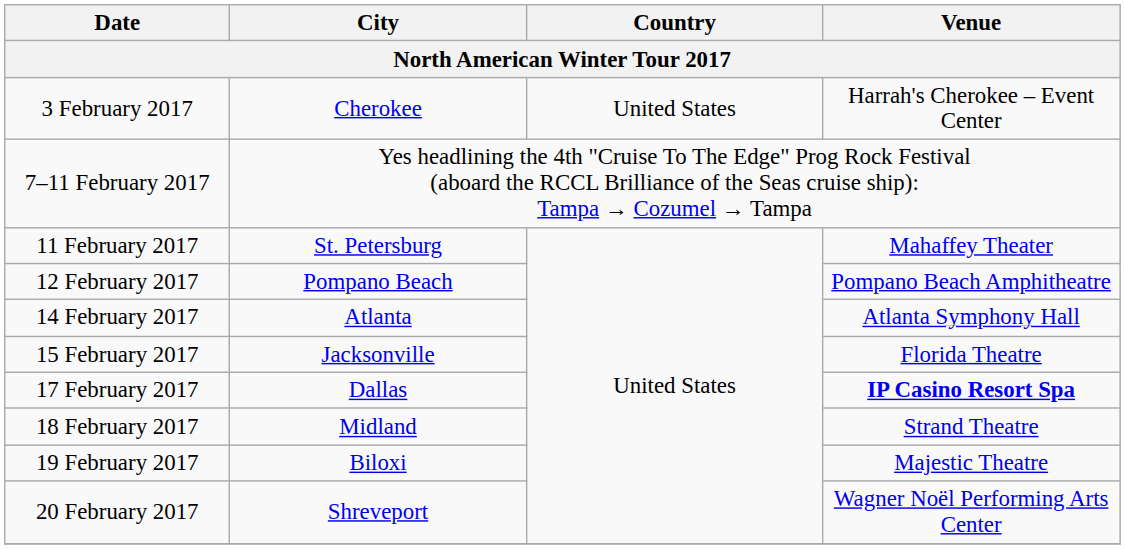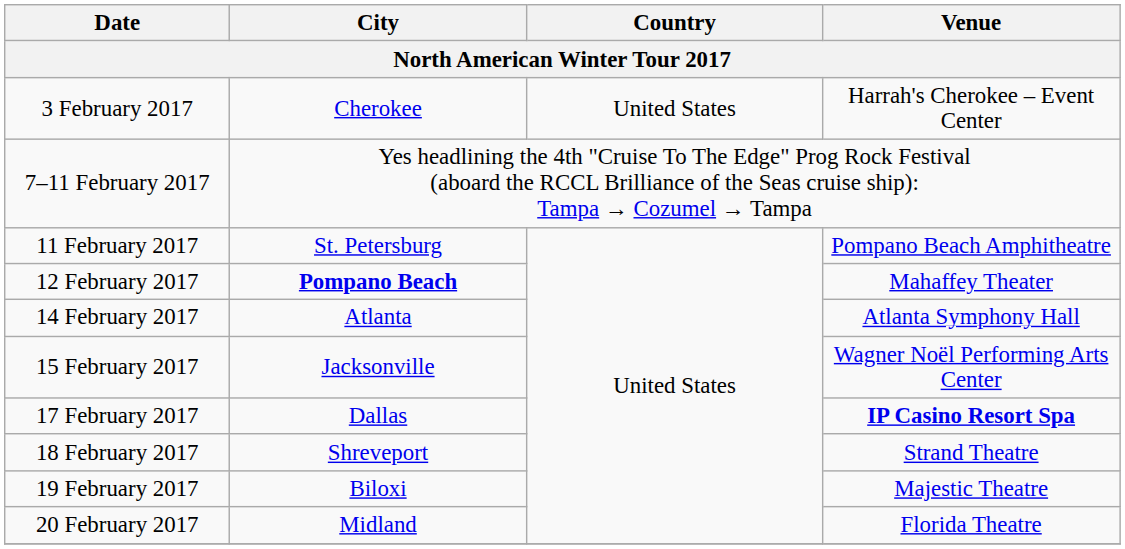 <table class="wikitable" style="text-align:center;">
 <tr>
 <th style="width:150px;">Date</th>
 <th style="width:200px;">City</th>
 <th style="width:200px;">Country</th>
 <th style="width:200px;">Venue</th>
 </tr>
 <tr>
 <th colspan="4">North American Winter Tour 2017</th>
 </tr>
 <tr>
 <td>3 February 2017</td>
 <td><a href='#'>Cherokee</a></td>
 <td>United States</td>
 <td>Harrah's Cherokee – Event Center</td>
 </tr>
 <tr>
 <td>7–11 February 2017</td>
 <td colspan="4">Yes headlining the 4th "Cruise To The Edge" Prog Rock Festival <br>(aboard the RCCL Brilliance of the Seas cruise ship):<br> <a href='#'>Tampa</a> → <a href='#'>Cozumel</a> → Tampa </td>
 </tr>
 <tr>
 <td>11 February 2017</td>
 <td><a href='#'>St. Petersburg</a></td>
 <td rowspan="8">United States</td>
-<td><a href='#'>Mahaffey Theater</a></td>
+<td><a href='#'>Pompano Beach Amphitheatre</a></td>
 </tr>
 <tr>
 <td>12 February 2017</td>
-<td><a href='#'>Pompano Beach</a></td>
-<td><a href='#'>Pompano Beach Amphitheatre</a></td>
+<td><strong><a href='#'>Pompano Beach</a></strong></td>
+<td><a href='#'>Mahaffey Theater</a></td>
 </tr>
 <tr>
 <td>14 February 2017</td>
 <td><a href='#'>Atlanta</a></td>
 <td><a href='#'>Atlanta Symphony Hall</a></td>
 </tr>
 <tr>
 <td>15 February 2017</td>
 <td><a href='#'>Jacksonville</a></td>
-<td><a href='#'>Florida Theatre</a></td>
+<td><a href='#'>Wagner Noël Performing Arts Center</a></td>
 </tr>
 <tr>
 <td>17 February 2017</td>
 <td><a href='#'>Dallas</a></td>
 <td><strong><a href='#'>IP Casino Resort Spa</a></strong></td>
 </tr>
 <tr>
 <td>18 February 2017</td>
-<td><a href='#'>Midland</a></td>
+<td><a href='#'>Shreveport</a></td>
 <td><a href='#'>Strand Theatre</a></td>
 </tr>
 <tr>
 <td>19 February 2017</td>
 <td><a href='#'>Biloxi</a></td>
 <td><a href='#'>Majestic Theatre</a></td>
 </tr>
 <tr>
 <td>20 February 2017</td>
-<td><a href='#'>Shreveport</a></td>
-<td><a href='#'>Wagner Noël Performing Arts Center</a></td>
+<td><a href='#'>Midland</a></td>
+<td><a href='#'>Florida Theatre</a></td>
 </tr>
 <tr>
 </tr>
 </table>
